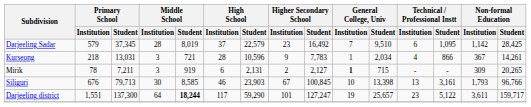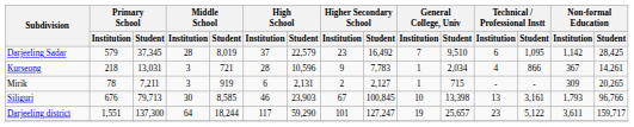 <table class="wikitable" style="text-align:center;font-size: 9pt">
 <tr>
 <th width="110" rowspan="2">Subdivision</th>
 <th colspan="2">Primary<br>School</th>
 <th colspan="2">Middle<br>School</th>
 <th colspan="2">High<br>School</th>
 <th colspan="2">Higher Secondary<br>School</th>
 <th colspan="2">General<br>College, Univ</th>
 <th colspan="2">Technical /<br>Professional Instt</th>
 <th colspan="2">Non-formal<br>Education</th>
 </tr>
 <tr>
 <th width="30">Institution</th>
 <th width="30">Student</th>
 <th width="30">Institution</th>
 <th width="30">Student</th>
 <th width="30">Institution</th>
 <th width="30">Student</th>
 <th width="30">Institution</th>
 <th width="30">Student</th>
 <th width="30">Institution</th>
 <th width="30">Student</th>
 <th width="30">Institution</th>
 <th width="30">Student</th>
 <th width="30">Institution</th>
 <th width="30">Student<br></th>
 </tr>
 <tr>
 <td align=left><a href='#'>Darjeeling Sadar</a></td>
 <td align="center">579</td>
 <td align="center">37,345</td>
 <td align="center">28</td>
 <td align="center">8,019</td>
 <td align="center">37</td>
 <td align="center">22,579</td>
 <td align="center">23</td>
 <td align="center">16,492</td>
 <td align="center">7</td>
 <td align="center">9,510</td>
 <td align="center">6</td>
 <td align="center">1,095</td>
 <td align="center">1,142</td>
 <td align="center">28,425</td>
 </tr>
 <tr>
 <td align=left><a href='#'>Kurseong</a></td>
 <td align="center">218</td>
 <td align="center">13,031</td>
 <td align="center">3</td>
 <td align="center">721</td>
 <td align="center">28</td>
 <td align="center">10,596</td>
 <td align="center">9</td>
 <td align="center">7,783</td>
 <td align="center">1</td>
 <td align="center">2,034</td>
 <td align="center">4</td>
 <td align="center">866</td>
 <td align="center">367</td>
 <td align="center">14,261</td>
 </tr>
 <tr>
 <td align=left>Mirik</td>
 <td align="center">78</td>
 <td align="center">7,211</td>
 <td align="center">3</td>
 <td align="center">919</td>
 <td align="center">6</td>
 <td align="center">2,131</td>
 <td align="center">2</td>
 <td align="center">2,127</td>
-<td align="center"><strong>1</strong></td>
+<td align="center">1</td>
 <td align="center">715</td>
 <td align="center">-</td>
 <td align="center">-</td>
 <td align="center">309</td>
 <td align="center">20,265</td>
 </tr>
 <tr>
 <td align=left><a href='#'>Siliguri</a></td>
 <td align="center">676</td>
 <td align="center">79,713</td>
 <td align="center">30</td>
 <td align="center">8,585</td>
 <td align="center">46</td>
 <td align="center">23,903</td>
 <td align="center">67</td>
 <td align="center">100,845</td>
 <td align="center">10</td>
 <td align="center">13,398</td>
 <td align="center">13</td>
 <td align="center">3,161</td>
 <td align="center">1,793</td>
 <td align="center">96,766</td>
 </tr>
 <tr>
 <td align=left><a href='#'>Darjeeling district</a></td>
 <td align="center">1,551</td>
 <td align="center">137,300</td>
 <td align="center">64</td>
-<td align="center"><strong>18,244</strong></td>
+<td align="center">18,244</td>
 <td align="center">117</td>
 <td align="center">59,290</td>
 <td align="center">101</td>
 <td align="center">127,247</td>
 <td align="center">19</td>
 <td align="center">25,657</td>
 <td align="center">23</td>
 <td align="center">5,122</td>
 <td align="center">3,611</td>
 <td align="center">159,717</td>
 </tr>
 <tr>
 </tr>
 </table>
